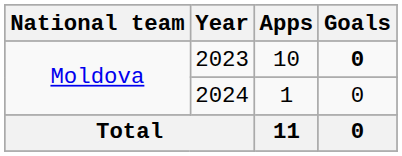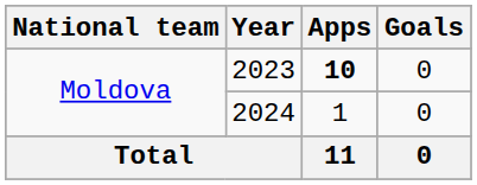 <table class="wikitable" style="text-align:center">
 <tr>
 <th>National team</th>
 <th>Year</th>
 <th>Apps</th>
 <th>Goals</th>
 </tr>
 <tr>
 <td rowspan="2"><a href='#'>Moldova</a></td>
 <td>2023</td>
-<td>10</td>
-<td><strong>0</strong></td>
+<td><strong>10</strong></td>
+<td>0</td>
 </tr>
 <tr>
 <td>2024</td>
 <td>1</td>
 <td>0</td>
 </tr>
 <tr>
 <th colspan=2>Total</th>
 <th>11</th>
 <th>0</th>
 </tr>
 </table>
